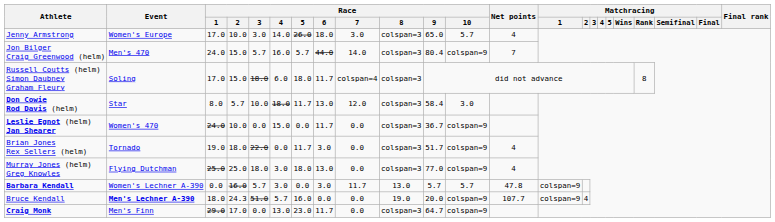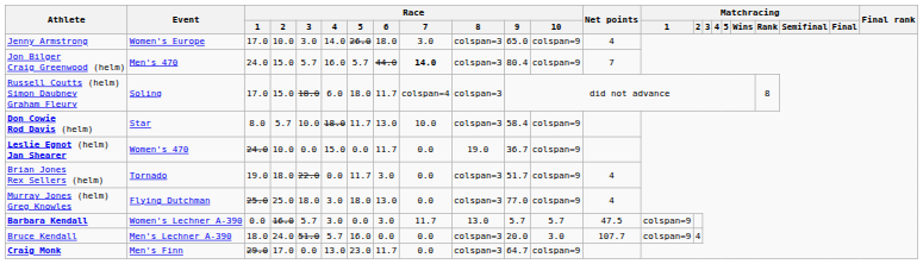 <table class="wikitable" style="font-size:90%">
 <tr>
 <th rowspan=2>Athlete</th>
 <th rowspan=2>Event</th>
 <th colspan=10>Race</th>
 <th rowspan=2>Net points</th>
 <th colspan=9>Matchracing</th>
 <th rowspan=2>Final rank</th>
 </tr>
 <tr style="font-size:95%">
 <th>1</th>
 <th>2</th>
 <th>3</th>
 <th>4</th>
 <th>5</th>
 <th>6</th>
 <th>7</th>
 <th>8</th>
 <th>9</th>
 <th>10</th>
 <th>1</th>
 <th>2</th>
 <th>3</th>
 <th>4</th>
 <th>5</th>
 <th>Wins</th>
 <th>Rank</th>
 <th>Semifinal</th>
 <th>Final</th>
 </tr>
 <tr align=center>
 <td align=left><a href='#'>Jenny Armstrong</a></td>
 <td align=left><a href='#'>Women's Europe</a></td>
 <td>17.0</td>
 <td>10.0</td>
 <td>3.0</td>
 <td>14.0</td>
 <td><s>26.0</s></td>
 <td>18.0</td>
 <td>3.0</td>
 <td>colspan=3 </td>
 <td>65.0</td>
-<td>5.7</td>
+<td>colspan=9 </td>
 <td>4</td>
 </tr>
 <tr align=center>
 <td align=left><a href='#'>Jon Bilger</a><br><a href='#'>Craig Greenwood</a> (helm)</td>
 <td align=left><a href='#'>Men's 470</a></td>
 <td>24.0</td>
 <td>15.0</td>
 <td>5.7</td>
 <td>16.0</td>
 <td>5.7</td>
 <td><s>44.0</s></td>
-<td>14.0</td>
+<td><strong>14.0</strong></td>
 <td>colspan=3 </td>
 <td>80.4</td>
 <td>colspan=9 </td>
 <td>7</td>
 </tr>
 <tr align=center>
 <td align=left><a href='#'>Russell Coutts</a> (helm)<br><a href='#'>Simon Daubney</a><br><a href='#'>Graham Fleury</a></td>
 <td align=left><a href='#'>Soling</a></td>
 <td>17.0</td>
 <td>15.0</td>
 <td><s>18.0</s></td>
 <td>6.0</td>
 <td>18.0</td>
 <td>11.7</td>
 <td>colspan=4 </td>
 <td>colspan=3 </td>
 <td colspan=9>did not advance</td>
 <td>8</td>
 </tr>
 <tr align=center>
 <td align=left><strong><a href='#'>Don Cowie</a><br><a href='#'>Rod Davis</a></strong> (helm)</td>
 <td align=left><a href='#'>Star</a></td>
 <td>8.0</td>
 <td>5.7</td>
 <td>10.0</td>
 <td><s>18.0</s></td>
 <td>11.7</td>
 <td>13.0</td>
-<td>12.0</td>
+<td>10.0</td>
 <td>colspan=3 </td>
 <td>58.4</td>
-<td>3.0</td>
+<td>colspan=9 </td>
 <td></td>
 </tr>
 <tr align=center>
 <td align=left><strong><a href='#'>Leslie Egnot</a></strong> (helm)<br><strong><a href='#'>Jan Shearer</a></strong></td>
 <td align=left><a href='#'>Women's 470</a></td>
 <td><s>24.0</s></td>
 <td>10.0</td>
 <td>0.0</td>
 <td>15.0</td>
 <td>0.0</td>
 <td>11.7</td>
 <td>0.0</td>
-<td>colspan=3 </td>
+<td>19.0</td>
 <td>36.7</td>
 <td>colspan=9 </td>
 <td></td>
 </tr>
 <tr align=center>
 <td align=left><a href='#'>Brian Jones</a><br><a href='#'>Rex Sellers</a> (helm)</td>
 <td align=left><a href='#'>Tornado</a></td>
 <td>19.0</td>
 <td>18.0</td>
 <td><s>22.0</s></td>
 <td>0.0</td>
 <td>11.7</td>
 <td>3.0</td>
 <td>0.0</td>
 <td>colspan=3 </td>
 <td>51.7</td>
 <td>colspan=9 </td>
 <td>4</td>
 </tr>
 <tr align=center>
 <td align=left><a href='#'>Murray Jones</a> (helm)<br><a href='#'>Greg Knowles</a></td>
 <td align=left><a href='#'>Flying Dutchman</a></td>
 <td><s>25.0</s></td>
 <td>25.0</td>
 <td>18.0</td>
 <td>3.0</td>
 <td>18.0</td>
 <td>13.0</td>
 <td>0.0</td>
 <td>colspan=3 </td>
 <td>77.0</td>
 <td>colspan=9 </td>
 <td>4</td>
 </tr>
 <tr align=center>
 <td align=left><strong><a href='#'>Barbara Kendall</a></strong></td>
 <td align=left><a href='#'>Women's Lechner A-390</a></td>
 <td>0.0</td>
 <td><s>16.0</s></td>
 <td>5.7</td>
 <td>3.0</td>
 <td>0.0</td>
 <td>3.0</td>
 <td>11.7</td>
 <td>13.0</td>
 <td>5.7</td>
 <td>5.7</td>
-<td>47.8</td>
+<td>47.5</td>
 <td>colspan=9 </td>
 <td></td>
 </tr>
 <tr align=center>
 <td align=left><a href='#'>Bruce Kendall</a></td>
-<td align=left><strong><a href='#'>Men's Lechner A-390</a></strong></td>
+<td align=left><a href='#'>Men's Lechner A-390</a></td>
 <td>18.0</td>
-<td>24.3</td>
+<td>24.0</td>
 <td><s>51.0</s></td>
 <td>5.7</td>
 <td>16.0</td>
 <td>0.0</td>
 <td>0.0</td>
-<td>19.0</td>
+<td>colspan=3 </td>
 <td>20.0</td>
-<td>colspan=9 </td>
+<td>3.0</td>
 <td>107.7</td>
 <td>colspan=9 </td>
 <td>4</td>
 </tr>
 <tr align=center>
 <td align=left><strong><a href='#'>Craig Monk</a></strong></td>
 <td align=left><a href='#'>Men's Finn</a></td>
 <td><s>29.0</s></td>
 <td>17.0</td>
 <td>0.0</td>
 <td>13.0</td>
 <td>23.0</td>
 <td>11.7</td>
 <td>0.0</td>
 <td>colspan=3 </td>
 <td>64.7</td>
 <td>colspan=9 </td>
 <td></td>
 </tr>
 </table>
